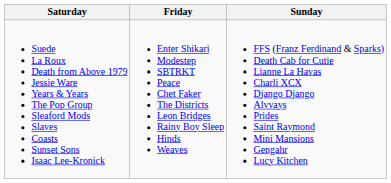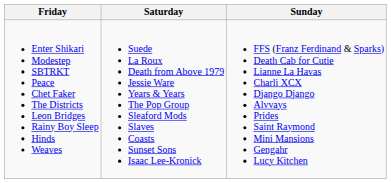 <table class="wikitable">
 <tr>
+<th>Friday</th>
 <th>Saturday</th>
-<th>Friday</th>
 <th>Sunday</th>
 </tr>
 <tr valign="top">
+<td><br><ul><li><a href='#'>Enter Shikari</a></li><li><a href='#'>Modestep</a></li><li><a href='#'>SBTRKT</a></li><li><a href='#'>Peace</a></li><li><a href='#'>Chet Faker</a></li><li><a href='#'>The Districts</a></li><li><a href='#'>Leon Bridges</a></li><li><a href='#'>Rainy Boy Sleep</a></li><li><a href='#'>Hinds</a></li><li><a href='#'>Weaves</a></li></ul></td>
 <td><br><ul><li><a href='#'>Suede</a></li><li><a href='#'>La Roux</a></li><li><a href='#'>Death from Above 1979</a></li><li><a href='#'>Jessie Ware</a></li><li><a href='#'>Years & Years</a></li><li><a href='#'>The Pop Group</a></li><li><a href='#'>Sleaford Mods</a></li><li><a href='#'>Slaves</a></li><li><a href='#'>Coasts</a></li><li><a href='#'>Sunset Sons</a></li><li><a href='#'>Isaac Lee-Kronick</a></li></ul></td>
-<td><br><ul><li><a href='#'>Enter Shikari</a></li><li><a href='#'>Modestep</a></li><li><a href='#'>SBTRKT</a></li><li><a href='#'>Peace</a></li><li><a href='#'>Chet Faker</a></li><li><a href='#'>The Districts</a></li><li><a href='#'>Leon Bridges</a></li><li><a href='#'>Rainy Boy Sleep</a></li><li><a href='#'>Hinds</a></li><li><a href='#'>Weaves</a></li></ul></td>
 <td><br><ul><li><a href='#'>FFS</a> (<a href='#'>Franz Ferdinand</a> & <a href='#'>Sparks)</a></li><li><a href='#'>Death Cab for Cutie</a></li><li><a href='#'>Lianne La Havas</a></li><li><a href='#'>Charli XCX</a></li><li><a href='#'>Django Django</a></li><li><a href='#'>Alvvays</a></li><li><a href='#'>Prides</a></li><li><a href='#'>Saint Raymond</a></li><li><a href='#'>Mini Mansions</a></li><li><a href='#'>Gengahr</a></li><li><a href='#'>Lucy Kitchen</a></li></ul></td>
 </tr>
 </table>
